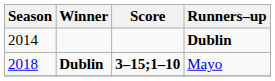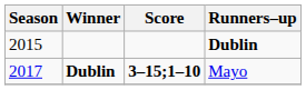 <table class="wikitable collapsible">
 <tr>
 <th>Season</th>
 <th>Winner</th>
 <th>Score</th>
 <th>Runners–up</th>
 </tr>
 <tr>
-<td>2014 </td>
+<td>2015 </td>
 <td></td>
 <td></td>
 <td><strong>Dublin</strong></td>
 </tr>
 <tr>
-<td><a href='#'>2018</a></td>
+<td><a href='#'>2017</a></td>
 <td><strong>Dublin</strong></td>
 <td><strong>3–15;1–10</strong></td>
 <td><a href='#'>Mayo</a></td>
 </tr>
 <tr>
 </tr>
 </table>
